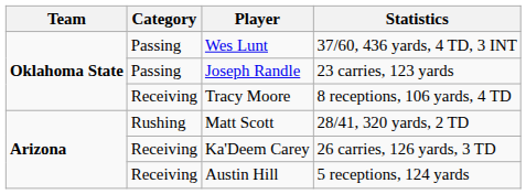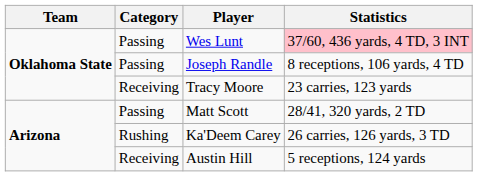 <table class="wikitable" style="float: right;">
 <tr>
 <th>Team</th>
 <th>Category</th>
 <th>Player</th>
 <th>Statistics</th>
 </tr>
 <tr>
 <td rowspan=3><strong>Oklahoma State</strong></td>
 <td>Passing</td>
 <td><a href='#'>Wes Lunt</a></td>
-<td>37/60, 436 yards, 4 TD, 3 INT</td>
+<td style="background: pink;">37/60, 436 yards, 4 TD, 3 INT</td>
 </tr>
 <tr>
 <td>Passing</td>
 <td><a href='#'>Joseph Randle</a></td>
-<td>23 carries, 123 yards</td>
+<td>8 receptions, 106 yards, 4 TD</td>
 </tr>
 <tr>
 <td>Receiving</td>
 <td>Tracy Moore</td>
-<td>8 receptions, 106 yards, 4 TD</td>
+<td>23 carries, 123 yards</td>
 </tr>
 <tr>
 <td rowspan=3><strong>Arizona</strong></td>
-<td>Rushing</td>
+<td>Passing</td>
 <td>Matt Scott</td>
 <td>28/41, 320 yards, 2 TD</td>
 </tr>
 <tr>
-<td>Receiving</td>
+<td>Rushing</td>
 <td>Ka'Deem Carey</td>
 <td>26 carries, 126 yards, 3 TD</td>
 </tr>
 <tr>
 <td>Receiving</td>
 <td>Austin Hill</td>
 <td>5 receptions, 124 yards</td>
 </tr>
 </table>
